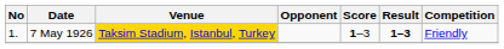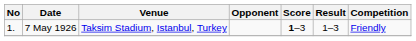 <table class="wikitable" style="font-size:85%;">
 <tr>
 <th>No</th>
 <th>Date</th>
 <th>Venue</th>
 <th>Opponent</th>
 <th>Score</th>
 <th>Result</th>
 <th>Competition</th>
 </tr>
 <tr>
 <td>1.</td>
 <td>7 May 1926</td>
-<td align=center style="background: gold;"><a href='#'>Taksim Stadium</a>, <a href='#'>Istanbul</a>, <a href='#'>Turkey</a></td>
+<td align=center><a href='#'>Taksim Stadium</a>, <a href='#'>Istanbul</a>, <a href='#'>Turkey</a></td>
 <td></td>
 <td align=center><strong>1</strong>–3</td>
-<td align=center><strong>1–3</strong></td>
+<td align=center>1–3</td>
 <td><a href='#'>Friendly</a></td>
 </tr>
 <tr>
 </tr>
 </table>
